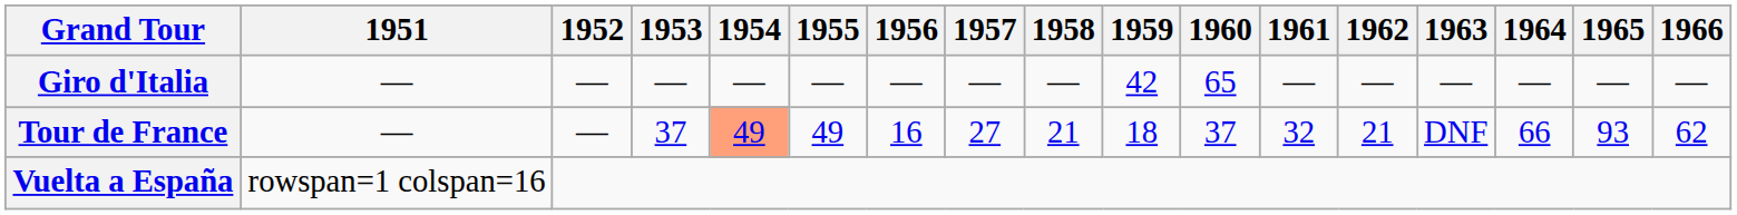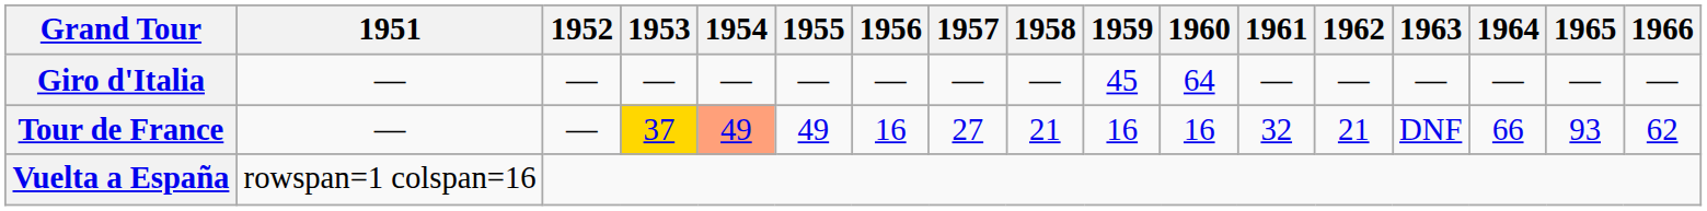 <table class="wikitable">
 <tr>
 <th><a href='#'>Grand Tour</a></th>
 <th>1951</th>
 <th>1952</th>
 <th>1953</th>
 <th>1954</th>
 <th>1955</th>
 <th>1956</th>
 <th>1957</th>
 <th>1958</th>
 <th>1959</th>
 <th>1960</th>
 <th>1961</th>
 <th>1962</th>
 <th>1963</th>
 <th>1964</th>
 <th>1965</th>
 <th>1966</th>
 </tr>
 <tr style="text-align:center;">
 <th scope="row"> <a href='#'>Giro d'Italia</a></th>
 <td>—</td>
 <td>—</td>
 <td>—</td>
 <td>—</td>
 <td>—</td>
 <td>—</td>
 <td>—</td>
 <td>—</td>
-<td><a href='#'>42</a></td>
-<td><a href='#'>65</a></td>
+<td><a href='#'>45</a></td>
+<td><a href='#'>64</a></td>
 <td>—</td>
 <td>—</td>
 <td>—</td>
 <td>—</td>
 <td>—</td>
 <td>—</td>
 </tr>
 <tr style="text-align:center;">
 <th scope="row"> <a href='#'>Tour de France</a></th>
 <td>—</td>
 <td>—</td>
-<td><a href='#'>37</a></td>
+<td style="background: gold;"><a href='#'>37</a></td>
 <td style="background: lightsalmon;"><a href='#'>49</a></td>
 <td><a href='#'>49</a></td>
 <td><a href='#'>16</a></td>
 <td><a href='#'>27</a></td>
 <td><a href='#'>21</a></td>
-<td><a href='#'>18</a></td>
-<td><a href='#'>37</a></td>
+<td><a href='#'>16</a></td>
+<td><a href='#'>16</a></td>
 <td><a href='#'>32</a></td>
 <td><a href='#'>21</a></td>
 <td><a href='#'>DNF</a></td>
 <td><a href='#'>66</a></td>
 <td><a href='#'>93</a></td>
 <td><a href='#'>62</a></td>
 </tr>
 <tr style="text-align:center;">
 <th scope="row"> <a href='#'>Vuelta a España</a></th>
 <td>rowspan=1 colspan=16 </td>
 </tr>
 </table>
